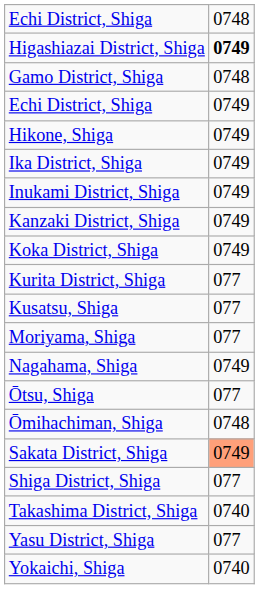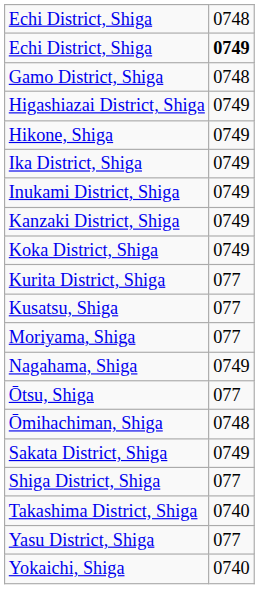 <table class="wikitable">
 <tr>
 <td><a href='#'>Echi District, Shiga</a></td>
 <td>0748</td>
 </tr>
 <tr>
-<td><a href='#'>Higashiazai District, Shiga</a></td>
+<td><a href='#'>Echi District, Shiga</a></td>
 <td><strong>0749</strong></td>
 </tr>
 <tr>
 <td><a href='#'>Gamo District, Shiga</a></td>
 <td>0748</td>
 </tr>
 <tr>
-<td><a href='#'>Echi District, Shiga</a></td>
+<td><a href='#'>Higashiazai District, Shiga</a></td>
 <td>0749</td>
 </tr>
 <tr>
 <td><a href='#'>Hikone, Shiga</a></td>
 <td>0749</td>
 </tr>
 <tr>
 <td><a href='#'>Ika District, Shiga</a></td>
 <td>0749</td>
 </tr>
 <tr>
 <td><a href='#'>Inukami District, Shiga</a></td>
 <td>0749</td>
 </tr>
 <tr>
 <td><a href='#'>Kanzaki District, Shiga</a></td>
 <td>0749</td>
 </tr>
 <tr>
 <td><a href='#'>Koka District, Shiga</a></td>
 <td>0749</td>
 </tr>
 <tr>
 <td><a href='#'>Kurita District, Shiga</a></td>
 <td>077</td>
 </tr>
 <tr>
 <td><a href='#'>Kusatsu, Shiga</a></td>
 <td>077</td>
 </tr>
 <tr>
 <td><a href='#'>Moriyama, Shiga</a></td>
 <td>077</td>
 </tr>
 <tr>
 <td><a href='#'>Nagahama, Shiga</a></td>
 <td>0749</td>
 </tr>
 <tr>
 <td><a href='#'>Ōtsu, Shiga</a></td>
 <td>077</td>
 </tr>
 <tr>
 <td><a href='#'>Ōmihachiman, Shiga</a></td>
 <td>0748</td>
 </tr>
 <tr>
 <td><a href='#'>Sakata District, Shiga</a></td>
-<td style="background: lightsalmon;">0749</td>
+<td>0749</td>
 </tr>
 <tr>
 <td><a href='#'>Shiga District, Shiga</a></td>
 <td>077</td>
 </tr>
 <tr>
 <td><a href='#'>Takashima District, Shiga</a></td>
 <td>0740</td>
 </tr>
 <tr>
 <td><a href='#'>Yasu District, Shiga</a></td>
 <td>077</td>
 </tr>
 <tr>
 <td><a href='#'>Yokaichi, Shiga</a></td>
 <td>0740</td>
 </tr>
 </table>
